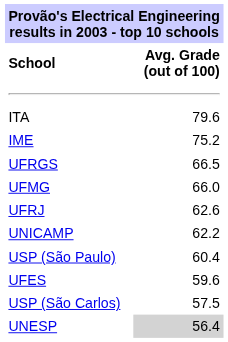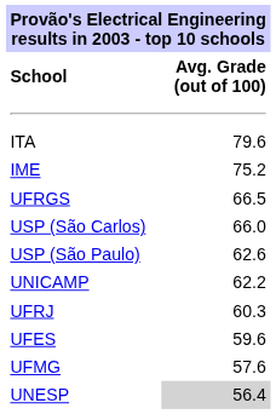 <table class="toccolours" align="right" cellpadding="4" cellspacing="0" style="margin:0 0 1em 1em; font-size: 95%;">
 <tr>
 <th colspan=2 bgcolor="#ccccff" align="center">Provão's Electrical Engineering<br>results in 2003 - top 10 schools</th>
 </tr>
 <tr>
 <th align="left">School</th>
 <th align="right">Avg. Grade <br> (out of 100)</th>
 </tr>
 <tr>
 <td colspan=2><hr></td>
 </tr>
 <tr>
 <td align="left">ITA</td>
 <td align="right">79.6</td>
 </tr>
 <tr>
 <td align="left"><a href='#'>IME</a></td>
 <td align="right">75.2</td>
 </tr>
 <tr>
 <td align="left"><a href='#'>UFRGS</a></td>
 <td align="right">66.5</td>
 </tr>
 <tr>
-<td align="left"><a href='#'>UFMG</a></td>
+<td align="left"><a href='#'>USP (São Carlos)</a></td>
 <td align="right">66.0</td>
 </tr>
 <tr>
-<td align="left"><a href='#'>UFRJ</a></td>
+<td align="left"><a href='#'>USP (São Paulo)</a></td>
 <td align="right">62.6</td>
 </tr>
 <tr>
 <td align="left"><a href='#'>UNICAMP</a></td>
 <td align="right">62.2</td>
 </tr>
 <tr>
-<td align="left"><a href='#'>USP (São Paulo)</a></td>
-<td align="right">60.4</td>
+<td align="left"><a href='#'>UFRJ</a></td>
+<td align="right">60.3</td>
 </tr>
 <tr>
 <td align="left"><a href='#'>UFES</a></td>
 <td align="right">59.6</td>
 </tr>
 <tr>
-<td align="left"><a href='#'>USP (São Carlos)</a></td>
-<td align="right">57.5</td>
+<td align="left"><a href='#'>UFMG</a></td>
+<td align="right">57.6</td>
 </tr>
 <tr>
 <td align="left"><a href='#'>UNESP</a></td>
 <td align="right" style="background: lightgrey;">56.4</td>
 </tr>
 <tr>
 </tr>
 </table>
